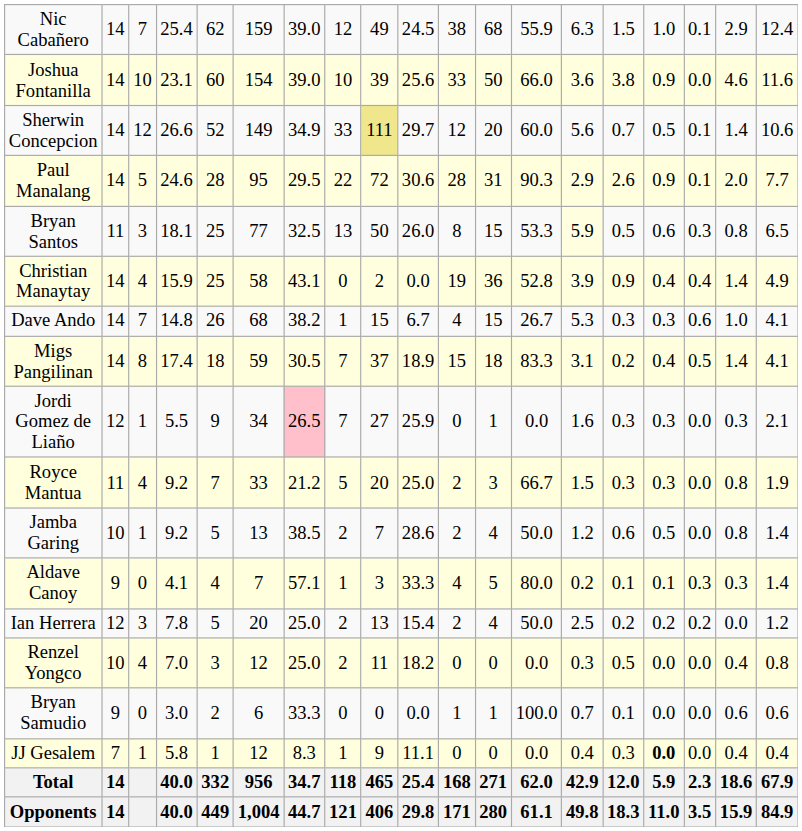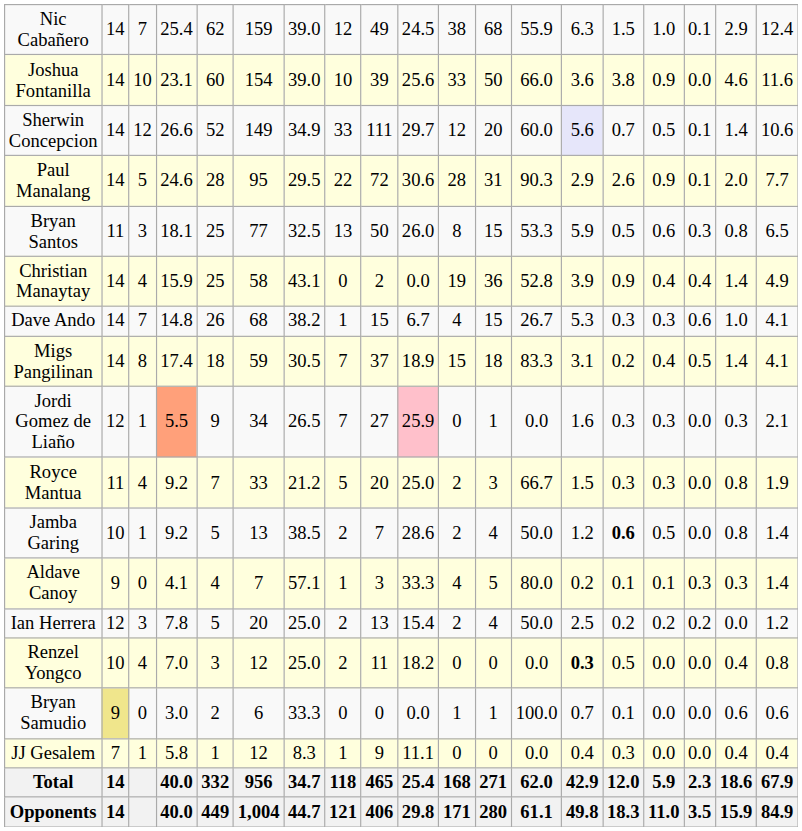 <table class=wikitable width=100%>
 <tr align=center>
 <td>Nic Cabañero</td>
 <td>14</td>
 <td>7</td>
 <td>25.4</td>
 <td>62</td>
 <td>159</td>
 <td>39.0</td>
 <td>12</td>
 <td>49</td>
 <td>24.5</td>
 <td>38</td>
 <td>68</td>
 <td>55.9</td>
 <td style=>6.3</td>
 <td>1.5</td>
 <td style=>1.0</td>
 <td>0.1</td>
 <td>2.9</td>
 <td style=>12.4</td>
 </tr>
 <tr bgcolor=#ffffdd align=center>
 <td>Joshua Fontanilla</td>
 <td>14</td>
 <td>10</td>
 <td>23.1</td>
 <td>60</td>
 <td>154</td>
 <td>39.0</td>
 <td>10</td>
 <td>39</td>
 <td>25.6</td>
 <td>33</td>
 <td>50</td>
 <td>66.0</td>
 <td>3.6</td>
 <td style=>3.8</td>
 <td>0.9</td>
 <td>0.0</td>
 <td>4.6</td>
 <td>11.6</td>
 </tr>
 <tr align=center>
 <td>Sherwin Concepcion</td>
 <td>14</td>
 <td>12</td>
 <td style=>26.6</td>
 <td>52</td>
 <td>149</td>
 <td>34.9</td>
 <td>33</td>
-<td style="background: khaki;">111</td>
+<td>111</td>
 <td>29.7</td>
 <td>12</td>
 <td>20</td>
 <td>60.0</td>
-<td>5.6</td>
+<td style="background: lavender;">5.6</td>
 <td>0.7</td>
 <td>0.5</td>
 <td>0.1</td>
 <td>1.4</td>
 <td>10.6</td>
 </tr>
 <tr bgcolor=#ffffdd align=center>
 <td>Paul Manalang</td>
 <td>14</td>
 <td>5</td>
 <td>24.6</td>
 <td>28</td>
 <td>95</td>
 <td>29.5</td>
 <td>22</td>
 <td>72</td>
 <td>30.6</td>
 <td>28</td>
 <td>31</td>
 <td>90.3</td>
 <td>2.9</td>
 <td>2.6</td>
 <td>0.9</td>
 <td>0.1</td>
 <td>2.0</td>
 <td>7.7</td>
 </tr>
 <tr align=center>
 <td>Bryan Santos</td>
 <td>11</td>
 <td>3</td>
 <td>18.1</td>
 <td>25</td>
 <td>77</td>
 <td>32.5</td>
 <td>13</td>
 <td>50</td>
 <td>26.0</td>
 <td>8</td>
 <td>15</td>
 <td>53.3</td>
-<td style="background: lightyellow;">5.9</td>
+<td>5.9</td>
 <td>0.5</td>
 <td>0.6</td>
 <td>0.3</td>
 <td>0.8</td>
 <td>6.5</td>
 </tr>
 <tr bgcolor=#ffffdd align=center>
 <td>Christian Manaytay</td>
 <td>14</td>
 <td>4</td>
 <td>15.9</td>
 <td>25</td>
 <td>58</td>
 <td>43.1</td>
 <td>0</td>
 <td>2</td>
 <td>0.0</td>
 <td>19</td>
 <td>36</td>
 <td>52.8</td>
 <td>3.9</td>
 <td>0.9</td>
 <td>0.4</td>
 <td>0.4</td>
 <td>1.4</td>
 <td>4.9</td>
 </tr>
 <tr align=center>
 <td>Dave Ando</td>
 <td>14</td>
 <td>7</td>
 <td>14.8</td>
 <td>26</td>
 <td>68</td>
 <td>38.2</td>
 <td>1</td>
 <td>15</td>
 <td>6.7</td>
 <td>4</td>
 <td>15</td>
 <td>26.7</td>
 <td>5.3</td>
 <td>0.3</td>
 <td>0.3</td>
 <td style=>0.6</td>
 <td>1.0</td>
 <td>4.1</td>
 </tr>
 <tr bgcolor=#ffffdd align=center>
 <td>Migs Pangilinan</td>
 <td>14</td>
 <td>8</td>
 <td>17.4</td>
 <td>18</td>
 <td>59</td>
 <td>30.5</td>
 <td>7</td>
 <td>37</td>
 <td>18.9</td>
 <td>15</td>
 <td>18</td>
 <td>83.3</td>
 <td>3.1</td>
 <td>0.2</td>
 <td>0.4</td>
 <td>0.5</td>
 <td>1.4</td>
 <td>4.1</td>
 </tr>
 <tr align=center>
 <td>Jordi Gomez de Liaño</td>
 <td>12</td>
 <td>1</td>
-<td>5.5</td>
+<td style="background: lightsalmon;">5.5</td>
 <td>9</td>
 <td>34</td>
-<td style="background: pink;">26.5</td>
+<td>26.5</td>
 <td>7</td>
 <td>27</td>
-<td>25.9</td>
+<td style="background: pink;">25.9</td>
 <td>0</td>
 <td>1</td>
 <td>0.0</td>
 <td>1.6</td>
 <td>0.3</td>
 <td>0.3</td>
 <td>0.0</td>
 <td>0.3</td>
 <td>2.1</td>
 </tr>
 <tr bgcolor=#ffffdd align=center>
 <td>Royce Mantua</td>
 <td>11</td>
 <td>4</td>
 <td>9.2</td>
 <td>7</td>
 <td>33</td>
 <td>21.2</td>
 <td>5</td>
 <td>20</td>
 <td>25.0</td>
 <td>2</td>
 <td>3</td>
 <td>66.7</td>
 <td>1.5</td>
 <td>0.3</td>
 <td>0.3</td>
 <td>0.0</td>
 <td>0.8</td>
 <td>1.9</td>
 </tr>
 <tr align=center>
 <td>Jamba Garing</td>
 <td>10</td>
 <td>1</td>
 <td>9.2</td>
 <td>5</td>
 <td>13</td>
 <td>38.5</td>
 <td>2</td>
 <td>7</td>
 <td>28.6</td>
 <td>2</td>
 <td>4</td>
 <td>50.0</td>
 <td>1.2</td>
-<td>0.6</td>
+<td><strong>0.6</strong></td>
 <td>0.5</td>
 <td>0.0</td>
 <td>0.8</td>
 <td>1.4</td>
 </tr>
 <tr bgcolor=#ffffdd align=center>
 <td>Aldave Canoy</td>
 <td>9</td>
 <td>0</td>
 <td>4.1</td>
 <td>4</td>
 <td>7</td>
 <td style=>57.1</td>
 <td>1</td>
 <td>3</td>
 <td style=>33.3</td>
 <td>4</td>
 <td>5</td>
 <td>80.0</td>
 <td>0.2</td>
 <td>0.1</td>
 <td>0.1</td>
 <td>0.3</td>
 <td>0.3</td>
 <td>1.4</td>
 </tr>
 <tr align=center>
 <td>Ian Herrera</td>
 <td>12</td>
 <td>3</td>
 <td>7.8</td>
 <td>5</td>
 <td>20</td>
 <td>25.0</td>
 <td>2</td>
 <td>13</td>
 <td>15.4</td>
 <td>2</td>
 <td>4</td>
 <td>50.0</td>
 <td>2.5</td>
 <td>0.2</td>
 <td>0.2</td>
 <td>0.2</td>
 <td>0.0</td>
 <td>1.2</td>
 </tr>
 <tr bgcolor=#ffffdd align=center>
 <td>Renzel Yongco</td>
 <td>10</td>
 <td>4</td>
 <td>7.0</td>
 <td>3</td>
 <td>12</td>
 <td>25.0</td>
 <td>2</td>
 <td>11</td>
 <td>18.2</td>
 <td>0</td>
 <td>0</td>
 <td>0.0</td>
-<td>0.3</td>
+<td><strong>0.3</strong></td>
 <td>0.5</td>
 <td>0.0</td>
 <td>0.0</td>
 <td>0.4</td>
 <td>0.8</td>
 </tr>
 <tr align=center>
 <td>Bryan Samudio</td>
-<td>9</td>
+<td style="background: khaki;">9</td>
 <td>0</td>
 <td>3.0</td>
 <td>2</td>
 <td>6</td>
 <td>33.3</td>
 <td>0</td>
 <td>0</td>
 <td>0.0</td>
 <td>1</td>
 <td>1</td>
 <td style=>100.0</td>
 <td>0.7</td>
 <td>0.1</td>
 <td>0.0</td>
 <td>0.0</td>
 <td>0.6</td>
 <td>0.6</td>
 </tr>
 <tr bgcolor=#ffffdd align=center>
 <td>JJ Gesalem</td>
 <td>7</td>
 <td>1</td>
 <td>5.8</td>
 <td>1</td>
 <td>12</td>
 <td>8.3</td>
 <td>1</td>
 <td>9</td>
 <td>11.1</td>
 <td>0</td>
 <td>0</td>
 <td>0.0</td>
 <td>0.4</td>
 <td>0.3</td>
-<td><strong>0.0</strong></td>
+<td>0.0</td>
 <td>0.0</td>
 <td>0.4</td>
 <td>0.4</td>
 </tr>
 <tr class=sortbottom>
 <th>Total</th>
 <th>14</th>
 <th></th>
 <th>40.0</th>
 <th>332</th>
 <th>956</th>
 <th>34.7</th>
 <th>118</th>
 <th>465</th>
 <th>25.4</th>
 <th>168</th>
 <th>271</th>
 <th>62.0</th>
 <th>42.9</th>
 <th>12.0</th>
 <th>5.9</th>
 <th>2.3</th>
 <th>18.6</th>
 <th>67.9</th>
 </tr>
 <tr class=sortbottom>
 <th>Opponents</th>
 <th>14</th>
 <th></th>
 <th>40.0</th>
 <th>449</th>
 <th>1,004</th>
 <th>44.7</th>
 <th>121</th>
 <th>406</th>
 <th>29.8</th>
 <th>171</th>
 <th>280</th>
 <th>61.1</th>
 <th>49.8</th>
 <th>18.3</th>
 <th>11.0</th>
 <th>3.5</th>
 <th>15.9</th>
 <th>84.9</th>
 </tr>
 </table>
